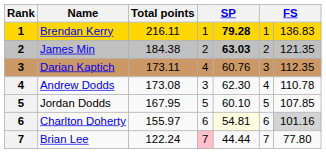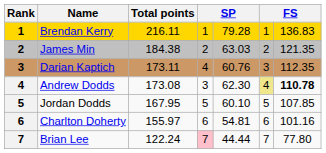 <table class="wikitable sortable">
 <tr>
 <th>Rank</th>
 <th>Name</th>
 <th>Total points</th>
 <th colspan="2" width="80px"><a href='#'>SP</a></th>
 <th colspan="2" width="80px"><a href='#'>FS</a></th>
 </tr>
 <tr bgcolor="gold">
 <td align="center"><strong>1</strong></td>
 <td><a href='#'>Brendan Kerry</a></td>
 <td align="center">216.11</td>
 <td align="center">1</td>
-<td align="center"><strong>79.28</strong></td>
+<td align="center">79.28</td>
 <td align="center">1</td>
 <td align="center">136.83</td>
 </tr>
 <tr bgcolor="silver">
 <td align="center"><strong>2</strong></td>
 <td><a href='#'>James Min</a></td>
 <td align="center">184.38</td>
 <td align="center">2</td>
-<td align="center"><strong>63.03</strong></td>
+<td align="center">63.03</td>
 <td align="center">2</td>
 <td align="center">121.35</td>
 </tr>
 <tr bgcolor="cc9966">
 <td align="center"><strong>3</strong></td>
 <td><a href='#'>Darian Kaptich</a></td>
 <td align="center">173.11</td>
 <td align="center">4</td>
 <td align="center">60.76</td>
 <td align="center">3</td>
 <td align="center">112.35</td>
 </tr>
 <tr>
 <th>4</th>
 <td><a href='#'>Andrew Dodds</a></td>
 <td align="center">173.08</td>
 <td align="center">3</td>
 <td align="center">62.30</td>
-<td align="center">4</td>
-<td align="center">110.78</td>
+<td align="center" style="background: khaki;">4</td>
+<td align="center"><strong>110.78</strong></td>
 </tr>
 <tr>
 <th>5</th>
 <td>Jordan Dodds</td>
 <td align="center">167.95</td>
 <td align="center">5</td>
 <td align="center">60.10</td>
 <td align="center">5</td>
 <td align="center">107.85</td>
 </tr>
 <tr>
 <th>6</th>
 <td><a href='#'>Charlton Doherty</a></td>
 <td align="center">155.97</td>
 <td align="center">6</td>
-<td align="center" style="background: lightyellow;">54.81</td>
+<td align="center">54.81</td>
 <td align="center">6</td>
-<td align="center" style="background: lightgrey;">101.16</td>
+<td align="center">101.16</td>
 </tr>
 <tr>
 <th>7</th>
 <td><a href='#'>Brian Lee</a></td>
 <td align="center">122.24</td>
 <td align="center" style="background: pink;">7</td>
 <td align="center">44.44</td>
 <td align="center">7</td>
 <td align="center">77.80</td>
 </tr>
 </table>
